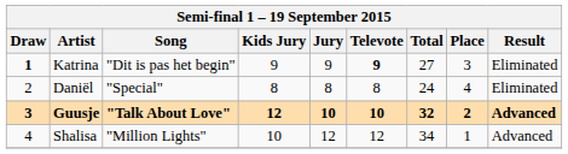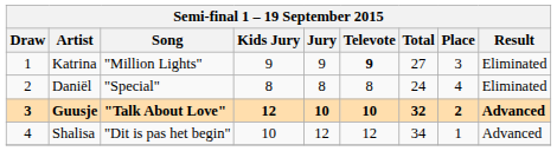 <table class="sortable wikitable" style="margin: 1em auto 1em auto; text-align:center;">
 <tr>
 <th colspan="9">Semi-final 1 – 19 September 2015</th>
 </tr>
 <tr>
 <th>Draw</th>
 <th>Artist</th>
 <th>Song</th>
 <th>Kids Jury</th>
 <th>Jury</th>
 <th>Televote</th>
 <th>Total</th>
 <th>Place</th>
 <th>Result</th>
 </tr>
 <tr>
-<td><strong>1</strong></td>
+<td>1</td>
 <td align="left">Katrina</td>
-<td align="left">"Dit is pas het begin"</td>
+<td align="left">"Million Lights"</td>
 <td>9</td>
 <td>9</td>
 <td><strong>9</strong></td>
 <td>27</td>
 <td>3</td>
 <td align="left">Eliminated</td>
 </tr>
 <tr>
 <td>2</td>
 <td align="left">Daniël</td>
 <td align="left">"Special"</td>
 <td>8</td>
 <td>8</td>
 <td>8</td>
 <td>24</td>
 <td>4</td>
 <td align="left">Eliminated</td>
 </tr>
 <tr style="font-weight:bold; background:#FFDEAD;">
 <td>3</td>
 <td align="left">Guusje</td>
 <td align="left">"Talk About Love"</td>
 <td>12</td>
 <td>10</td>
 <td>10</td>
 <td>32</td>
 <td>2</td>
 <td align="left">Advanced</td>
 </tr>
 <tr -style="font-weight:bold; background:#FFDEAD;">
 <td>4</td>
 <td align="left">Shalisa</td>
-<td align="left">"Million Lights"</td>
+<td align="left">"Dit is pas het begin"</td>
 <td>10</td>
 <td>12</td>
 <td>12</td>
 <td>34</td>
 <td>1</td>
 <td align="left">Advanced</td>
 </tr>
 <tr>
 </tr>
 </table>
